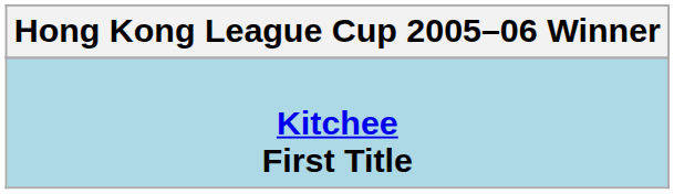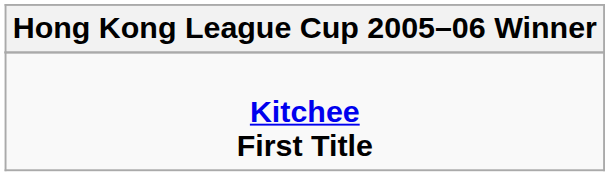 <table class="wikitable" style="text-align: center; margin: 0 auto;">
 <tr>
 <th>Hong Kong League Cup 2005–06 Winner</th>
 </tr>
 <tr>
 </tr>
 <tr>
-<td style="background: lightblue;"><br><strong><a href='#'>Kitchee</a></strong><br><strong>First Title</strong></td>
+<td><br><strong><a href='#'>Kitchee</a></strong><br><strong>First Title</strong></td>
 </tr>
 </table>
